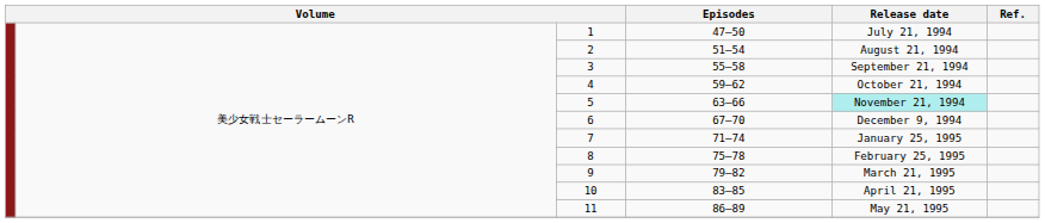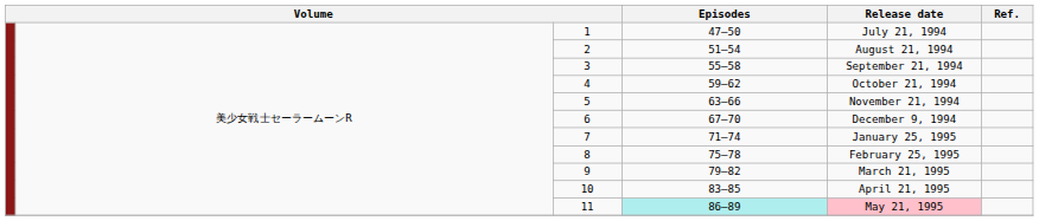 <table class="wikitable" style="text-align: center; width: 98%;">
 <tr>
 <th colspan="3">Volume</th>
 <th width="20%">Episodes</th>
 <th width="15%">Release date</th>
 <th width="5%">Ref.</th>
 </tr>
 <tr>
 <td rowspan="11" width="1%" style="background: #8C1717;"></td>
 <td rowspan="11">美少女戦士セーラームーンR</td>
 <td>1</td>
 <td>47–50</td>
 <td>July 21, 1994</td>
 <td></td>
 </tr>
 <tr>
 <td>2</td>
 <td>51–54</td>
 <td>August 21, 1994</td>
 <td></td>
 </tr>
 <tr>
 <td>3</td>
 <td>55–58</td>
 <td>September 21, 1994</td>
 <td></td>
 </tr>
 <tr>
 <td>4</td>
 <td>59–62</td>
 <td>October 21, 1994</td>
 <td></td>
 </tr>
 <tr>
 <td>5</td>
 <td>63–66</td>
-<td style="background: paleturquoise;">November 21, 1994</td>
+<td>November 21, 1994</td>
 <td></td>
 </tr>
 <tr>
 <td>6</td>
 <td>67–70</td>
 <td>December 9, 1994</td>
 <td></td>
 </tr>
 <tr>
 <td>7</td>
 <td>71–74</td>
 <td>January 25, 1995</td>
 <td></td>
 </tr>
 <tr>
 <td>8</td>
 <td>75–78</td>
 <td>February 25, 1995</td>
 <td></td>
 </tr>
 <tr>
 <td>9</td>
 <td>79–82</td>
 <td>March 21, 1995</td>
 <td></td>
 </tr>
 <tr>
 <td>10</td>
 <td>83–85</td>
 <td>April 21, 1995</td>
 <td></td>
 </tr>
 <tr>
 <td>11</td>
-<td>86–89</td>
-<td>May 21, 1995</td>
+<td style="background: paleturquoise;">86–89</td>
+<td style="background: pink;">May 21, 1995</td>
 <td></td>
 </tr>
 <tr>
 </tr>
 </table>
